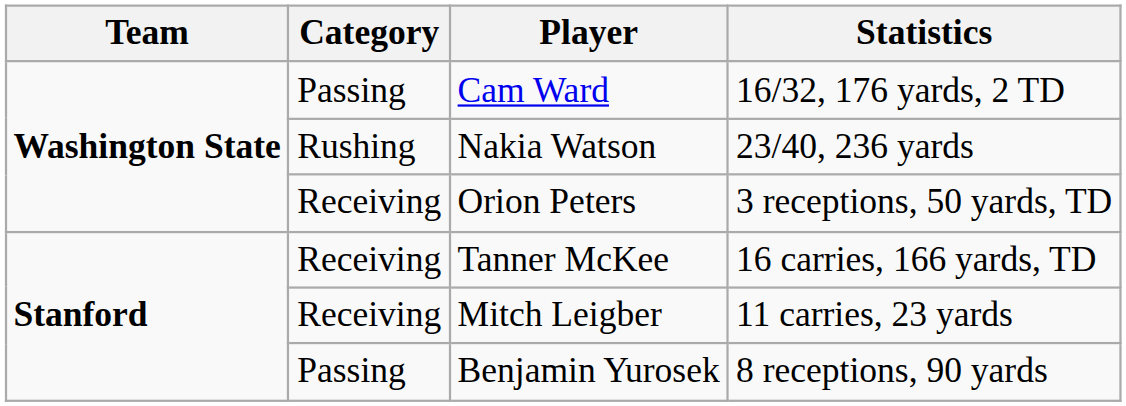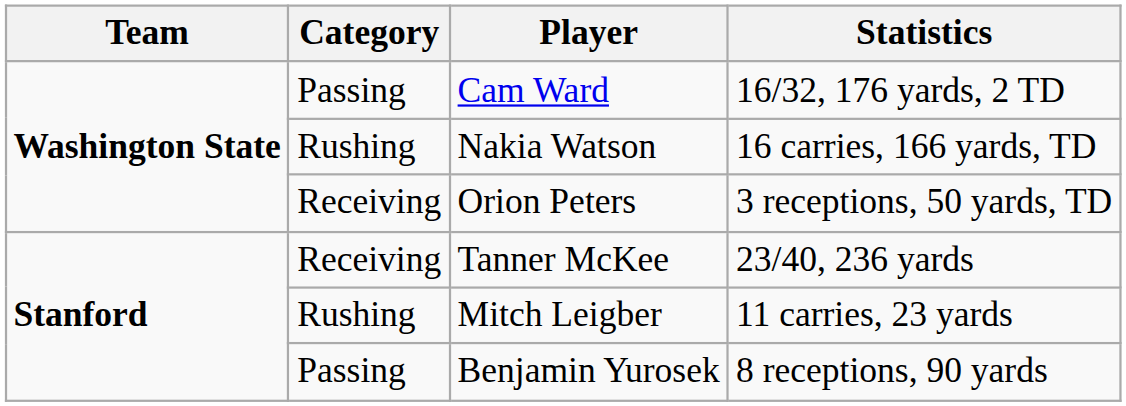 <table class="wikitable" style="float: right;">
 <tr>
 <th>Team</th>
 <th>Category</th>
 <th>Player</th>
 <th>Statistics</th>
 </tr>
 <tr>
 <td rowspan=3><strong>Washington State</strong></td>
 <td>Passing</td>
 <td><a href='#'>Cam Ward</a></td>
 <td>16/32, 176 yards, 2 TD</td>
 </tr>
 <tr>
 <td>Rushing</td>
 <td>Nakia Watson</td>
-<td>23/40, 236 yards</td>
+<td>16 carries, 166 yards, TD</td>
 </tr>
 <tr>
 <td>Receiving</td>
 <td>Orion Peters</td>
 <td>3 receptions, 50 yards, TD</td>
 </tr>
 <tr>
 <td rowspan=3><strong>Stanford</strong></td>
 <td>Receiving</td>
 <td>Tanner McKee</td>
-<td>16 carries, 166 yards, TD</td>
+<td>23/40, 236 yards</td>
 </tr>
 <tr>
-<td>Receiving</td>
+<td>Rushing</td>
 <td>Mitch Leigber</td>
 <td>11 carries, 23 yards</td>
 </tr>
 <tr>
 <td>Passing</td>
 <td>Benjamin Yurosek</td>
 <td>8 receptions, 90 yards</td>
 </tr>
 </table>
